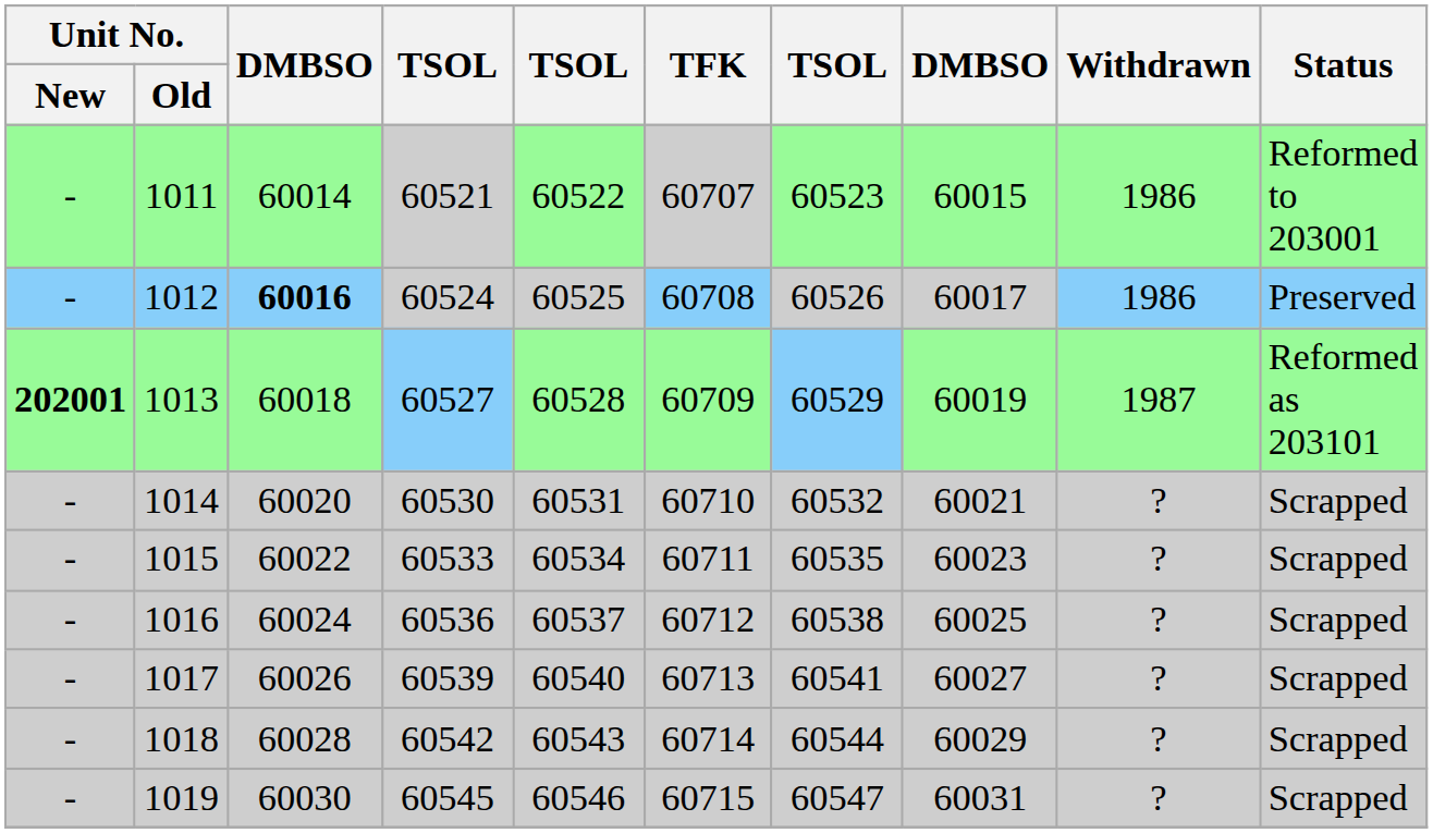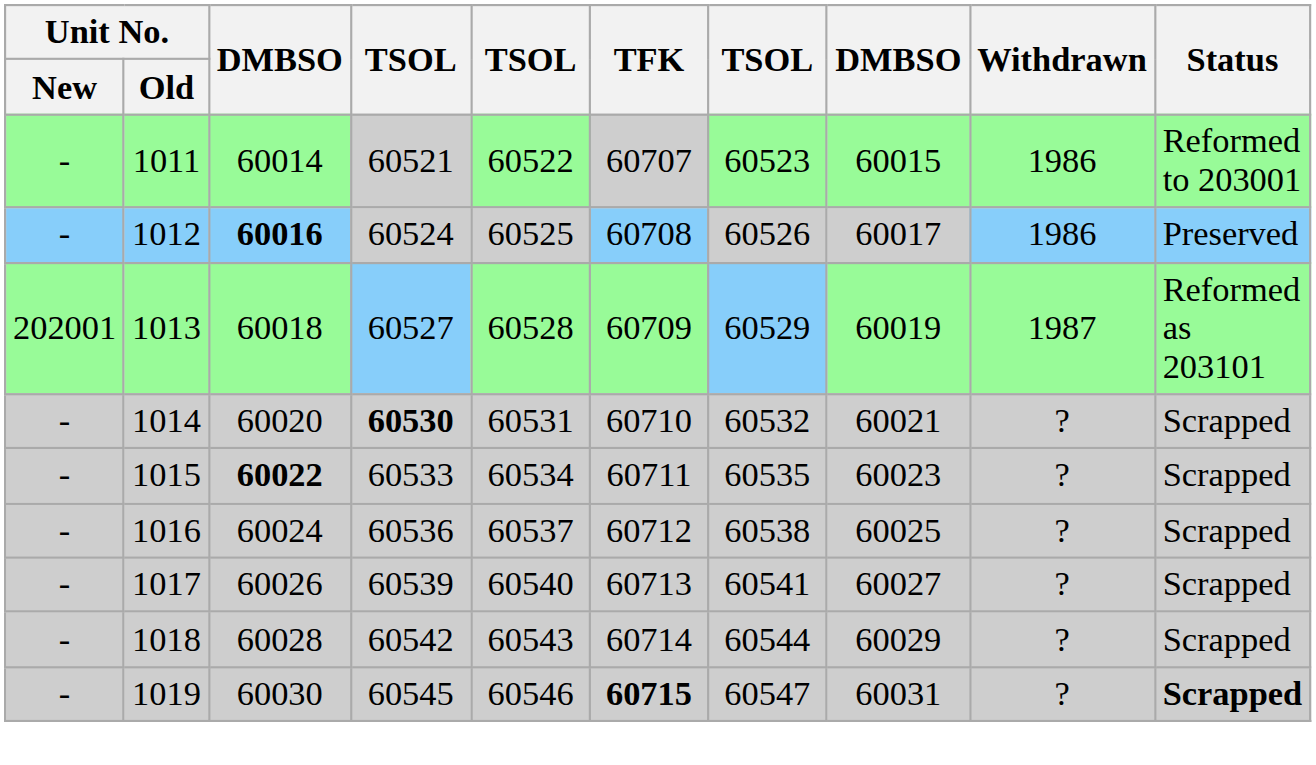 <table class="wikitable">
 <tr>
 <th colspan=2>Unit No.</th>
 <th rowspan=2 width=55>DMBSO</th>
 <th rowspan=2 width=55>TSOL</th>
 <th rowspan=2 width=55>TSOL</th>
 <th rowspan=2 width=55>TFK</th>
 <th rowspan=2 width=55>TSOL</th>
 <th rowspan=2 width=55>DMBSO</th>
 <th rowspan=2>Withdrawn</th>
 <th rowspan=2 align=left>Status</th>
 </tr>
 <tr>
 <th>New</th>
 <th>Old</th>
 </tr>
 <tr>
 <td style="background-color:#98FB98" align=center>-</td>
 <td style="background-color:#98FB98" align=center>1011</td>
 <td style="background-color:#98FB98" align=center>60014</td>
 <td style="background-color:#CECECE" align=center>60521</td>
 <td style="background-color:#98FB98" align=center>60522</td>
 <td style="background-color:#CECECE" align=center>60707</td>
 <td style="background-color:#98FB98" align=center>60523</td>
 <td style="background-color:#98FB98" align=center>60015</td>
 <td style="background-color:#98FB98" align=center>1986</td>
 <td style="background-color:#98FB98">Reformed to 203001</td>
 </tr>
 <tr>
 <td style="background-color:#87CEFA" align=center>-</td>
 <td style="background-color:#87CEFA" align=center>1012</td>
 <td style="background-color:#87CEFA" align=center><strong>60016</strong></td>
 <td style="background-color:#CECECE" align=center>60524</td>
 <td style="background-color:#CECECE" align=center>60525</td>
 <td style="background-color:#87CEFA" align=center>60708</td>
 <td style="background-color:#CECECE" align=center>60526</td>
 <td style="background-color:#CECECE" align=center>60017</td>
 <td style="background-color:#87CEFA" align=center>1986</td>
 <td style="background-color:#87CEFA">Preserved</td>
 </tr>
 <tr>
-<td style="background-color:#98FB98" align=center><strong>202001</strong></td>
+<td style="background-color:#98FB98" align=center>202001</td>
 <td style="background-color:#98FB98" align=center>1013</td>
 <td style="background-color:#98FB98" align=center>60018</td>
 <td style="background-color:#87CEFA" align=center>60527</td>
 <td style="background-color:#98FB98" align=center>60528</td>
 <td style="background-color:#98FB98" align=center>60709</td>
 <td style="background-color:#87CEFA" align=center>60529</td>
 <td style="background-color:#98FB98" align=center>60019</td>
 <td style="background-color:#98FB98" align=center>1987</td>
 <td style="background-color:#98FB98">Reformed as 203101</td>
 </tr>
 <tr>
 <td style="background-color:#CECECE" align=center>-</td>
 <td style="background-color:#CECECE" align=center>1014</td>
 <td style="background-color:#CECECE" align=center>60020</td>
-<td style="background-color:#CECECE" align=center>60530</td>
+<td style="background-color:#CECECE" align=center><strong>60530</strong></td>
 <td style="background-color:#CECECE" align=center>60531</td>
 <td style="background-color:#CECECE" align=center>60710</td>
 <td style="background-color:#CECECE" align=center>60532</td>
 <td style="background-color:#CECECE" align=center>60021</td>
 <td style="background-color:#CECECE" align=center>?</td>
 <td style="background-color:#CECECE">Scrapped</td>
 </tr>
 <tr>
 <td style="background-color:#CECECE" align=center>-</td>
 <td style="background-color:#CECECE" align=center>1015</td>
-<td style="background-color:#CECECE" align=center>60022</td>
+<td style="background-color:#CECECE" align=center><strong>60022</strong></td>
 <td style="background-color:#CECECE" align=center>60533</td>
 <td style="background-color:#CECECE" align=center>60534</td>
 <td style="background-color:#CECECE" align=center>60711</td>
 <td style="background-color:#CECECE" align=center>60535</td>
 <td style="background-color:#CECECE" align=center>60023</td>
 <td style="background-color:#CECECE" align=center>?</td>
 <td style="background-color:#CECECE">Scrapped</td>
 </tr>
 <tr>
 <td style="background-color:#CECECE" align=center>-</td>
 <td style="background-color:#CECECE" align=center>1016</td>
 <td style="background-color:#CECECE" align=center>60024</td>
 <td style="background-color:#CECECE" align=center>60536</td>
 <td style="background-color:#CECECE" align=center>60537</td>
 <td style="background-color:#CECECE" align=center>60712</td>
 <td style="background-color:#CECECE" align=center>60538</td>
 <td style="background-color:#CECECE" align=center>60025</td>
 <td style="background-color:#CECECE" align=center>?</td>
 <td style="background-color:#CECECE">Scrapped</td>
 </tr>
 <tr>
 <td style="background-color:#CECECE" align=center>-</td>
 <td style="background-color:#CECECE" align=center>1017</td>
 <td style="background-color:#CECECE" align=center>60026</td>
 <td style="background-color:#CECECE" align=center>60539</td>
 <td style="background-color:#CECECE" align=center>60540</td>
 <td style="background-color:#CECECE" align=center>60713</td>
 <td style="background-color:#CECECE" align=center>60541</td>
 <td style="background-color:#CECECE" align=center>60027</td>
 <td style="background-color:#CECECE" align=center>?</td>
 <td style="background-color:#CECECE">Scrapped</td>
 </tr>
 <tr>
 <td style="background-color:#CECECE" align=center>-</td>
 <td style="background-color:#CECECE" align=center>1018</td>
 <td style="background-color:#CECECE" align=center>60028</td>
 <td style="background-color:#CECECE" align=center>60542</td>
 <td style="background-color:#CECECE" align=center>60543</td>
 <td style="background-color:#CECECE" align=center>60714</td>
 <td style="background-color:#CECECE" align=center>60544</td>
 <td style="background-color:#CECECE" align=center>60029</td>
 <td style="background-color:#CECECE" align=center>?</td>
 <td style="background-color:#CECECE">Scrapped</td>
 </tr>
 <tr>
 <td style="background-color:#CECECE" align=center>-</td>
 <td style="background-color:#CECECE" align=center>1019</td>
 <td style="background-color:#CECECE" align=center>60030</td>
 <td style="background-color:#CECECE" align=center>60545</td>
 <td style="background-color:#CECECE" align=center>60546</td>
-<td style="background-color:#CECECE" align=center>60715</td>
+<td style="background-color:#CECECE" align=center><strong>60715</strong></td>
 <td style="background-color:#CECECE" align=center>60547</td>
 <td style="background-color:#CECECE" align=center>60031</td>
 <td style="background-color:#CECECE" align=center>?</td>
-<td style="background-color:#CECECE">Scrapped</td>
+<td style="background-color:#CECECE"><strong>Scrapped</strong></td>
 </tr>
 <tr>
 </tr>
 </table>
